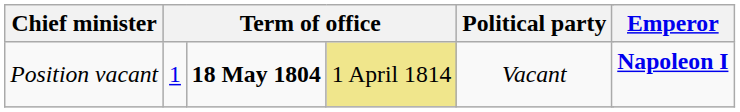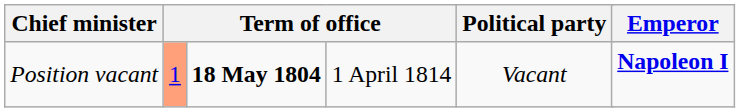 <table class="wikitable" style="text-align:center">
 <tr>
 <th>Chief minister</th>
 <th colspan=3>Term of office</th>
 <th colspan=2>Political party</th>
 <th><a href='#'>Emperor</a><br></th>
 </tr>
 <tr>
 <td><em>Position vacant</em></td>
-<td><a href='#'>1</a></td>
+<td style="background: lightsalmon;"><a href='#'>1</a></td>
 <td><strong>18 May 1804</strong></td>
-<td style="background: khaki;">1 April 1814</td>
+<td>1 April 1814</td>
 <td colspan=2><em>Vacant</em></td>
 <td align="center"><strong><a href='#'>Napoleon I</a></strong><br><br></td>
 </tr>
 </table>
